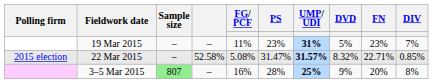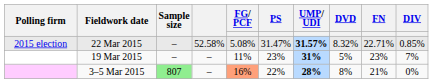 <table class="wikitable sortable" style="text-align:center;font-size:90%;line-height:14px;">
 <tr style="height:40px;">
 <th style="width:100px;" rowspan="2">Polling firm</th>
 <th style="width:110px;" rowspan="2">Fieldwork date</th>
 <th style="width:35px;" rowspan="2">Sample<br>size</th>
 <th style="width:30px;" rowspan="2"></th>
 <th class="unsortable" style="width:40px;"><a href='#'>FG</a>/<br><a href='#'>PCF</a></th>
 <th class="unsortable" style="width:40px;"><a href='#'>PS</a></th>
 <th class="unsortable" style="width:40px;"><a href='#'>UMP</a>/<br><a href='#'>UDI</a></th>
 <th class="unsortable" style="width:40px;"><a href='#'>DVD</a></th>
 <th class="unsortable" style="width:40px;"><a href='#'>FN</a></th>
 <th class="unsortable" style="width:40px;"><a href='#'>DIV</a></th>
 </tr>
 <tr>
 <th style="background:"></th>
 <th style="background:"></th>
 <th style="background:"></th>
 <th style="background:"></th>
 <th style="background:"></th>
 <th style="background:"></th>
 </tr>
-<tr>
-<td style="background:#FFFFFF;"></td>
-<td data-sort-value="2015-03-19">19 Mar 2015</td>
-<td>–</td>
-<td>–</td>
-<td>11%</td>
-<td>23%</td>
-<td style="background:#B9DAFF;"><strong>31%</strong></td>
-<td>5%</td>
-<td>23%</td>
-<td>7%</td>
-</tr>
 <tr style="background:#E9E9E9;">
 <td><a href='#'>2015 election</a></td>
 <td data-sort-value="2015-03-22">22 Mar 2015</td>
 <td>–</td>
 <td>52.58%</td>
 <td>5.08%</td>
 <td>31.47%</td>
 <td style="background:#B9DAFF;"><strong>31.57%</strong></td>
 <td>8.32%</td>
 <td>22.71%</td>
 <td>0.85%</td>
 </tr>
 <tr>
+<td style="background:#FFFFFF;"></td>
+<td data-sort-value="2015-03-19">19 Mar 2015</td>
+<td>–</td>
+<td>–</td>
+<td>11%</td>
+<td>23%</td>
+<td style="background:#B9DAFF;"><strong>31%</strong></td>
+<td>5%</td>
+<td>23%</td>
+<td>7%</td>
+</tr>
+<tr>
 <td style="background:#FFCCFF;"></td>
 <td data-sort-value="2015-03-05">3–5 Mar 2015</td>
 <td style="background: lightgreen;">807</td>
 <td>–</td>
-<td>16%</td>
-<td>28%</td>
-<td style="background:#B9DAFF;"><strong>25%</strong></td>
-<td>9%</td>
-<td>20%</td>
+<td style="background: lightsalmon;">16%</td>
+<td>22%</td>
+<td style="background:#B9DAFF;"><strong>28%</strong></td>
 <td>8%</td>
+<td>21%</td>
+<td>0%</td>
 </tr>
 </table>
